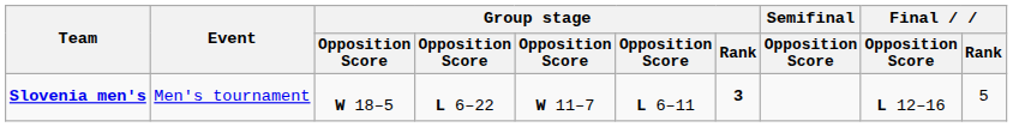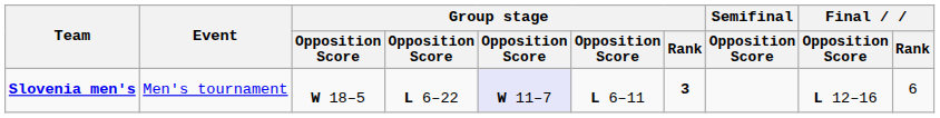 <table class="wikitable" style="text-align:center; font-size:90%">
 <tr>
 <th rowspan=2>Team</th>
 <th rowspan=2>Event</th>
 <th colspan=5>Group stage</th>
 <th>Semifinal</th>
 <th colspan=2>Final /  / </th>
 </tr>
 <tr style="font-size:95%">
 <th>Opposition<br>Score</th>
 <th>Opposition<br>Score</th>
 <th>Opposition<br>Score</th>
 <th>Opposition<br>Score</th>
 <th>Rank</th>
 <th>Opposition<br>Score</th>
 <th>Opposition<br>Score</th>
 <th>Rank</th>
 </tr>
 <tr>
 <td align=left><strong><a href='#'>Slovenia men's</a></strong></td>
 <td align=left><a href='#'>Men's tournament</a></td>
 <td><br><strong>W</strong> 18–5</td>
 <td><br><strong>L</strong> 6–22</td>
-<td><br><strong>W</strong> 11–7</td>
+<td style="background: lavender;"><br><strong>W</strong> 11–7</td>
 <td><br><strong>L</strong> 6–11</td>
 <td><strong>3</strong></td>
 <td></td>
 <td><br><strong>L</strong> 12–16</td>
-<td>5</td>
+<td>6</td>
 </tr>
 </table>
